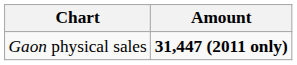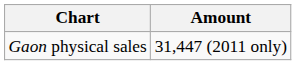 <table class="wikitable">
 <tr>
 <th>Chart</th>
 <th>Amount</th>
 </tr>
 <tr>
 <td><em>Gaon</em> physical sales</td>
-<td align="center"><strong>31,447 (2011 only)</strong></td>
+<td align="center">31,447 (2011 only)</td>
 </tr>
 </table>
